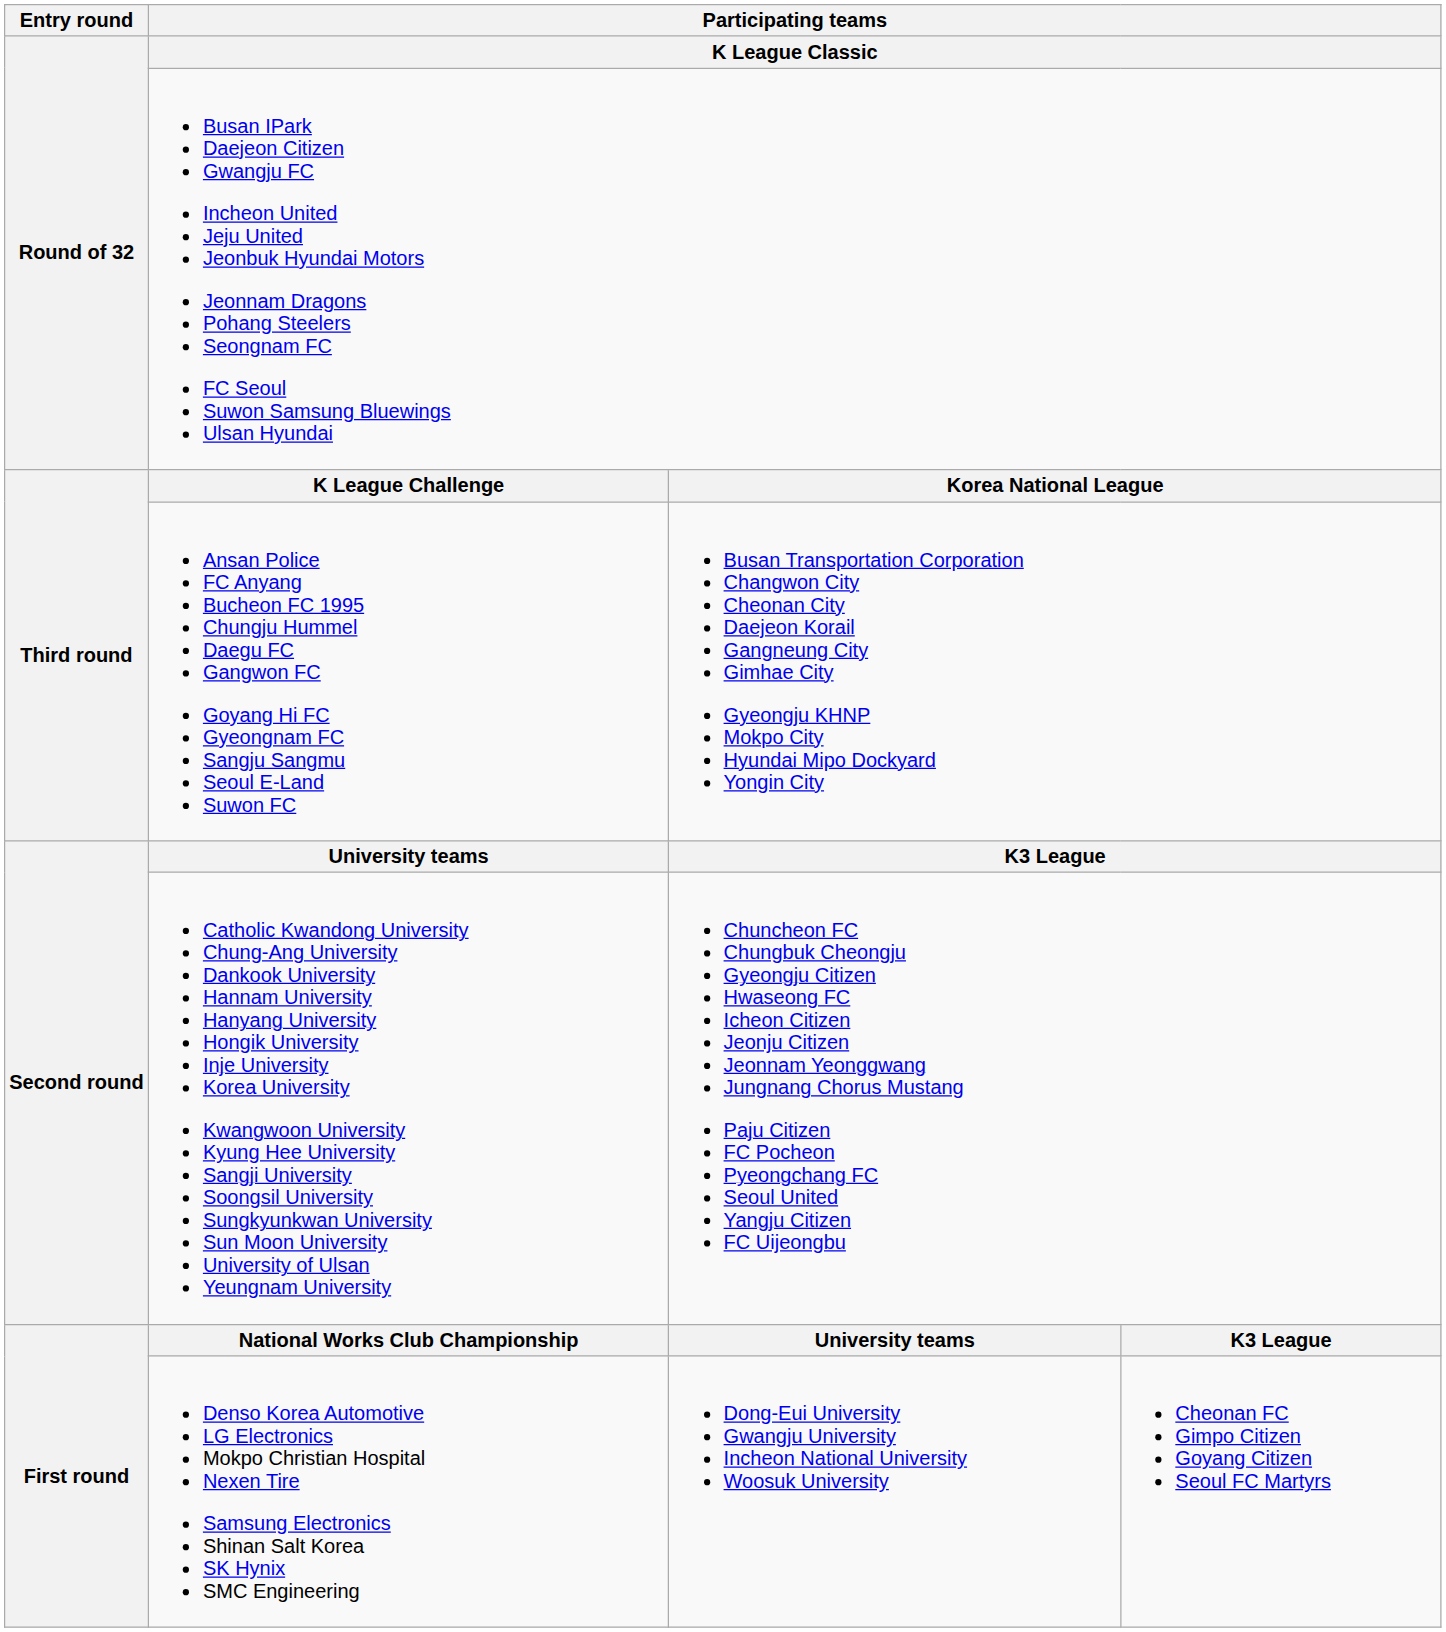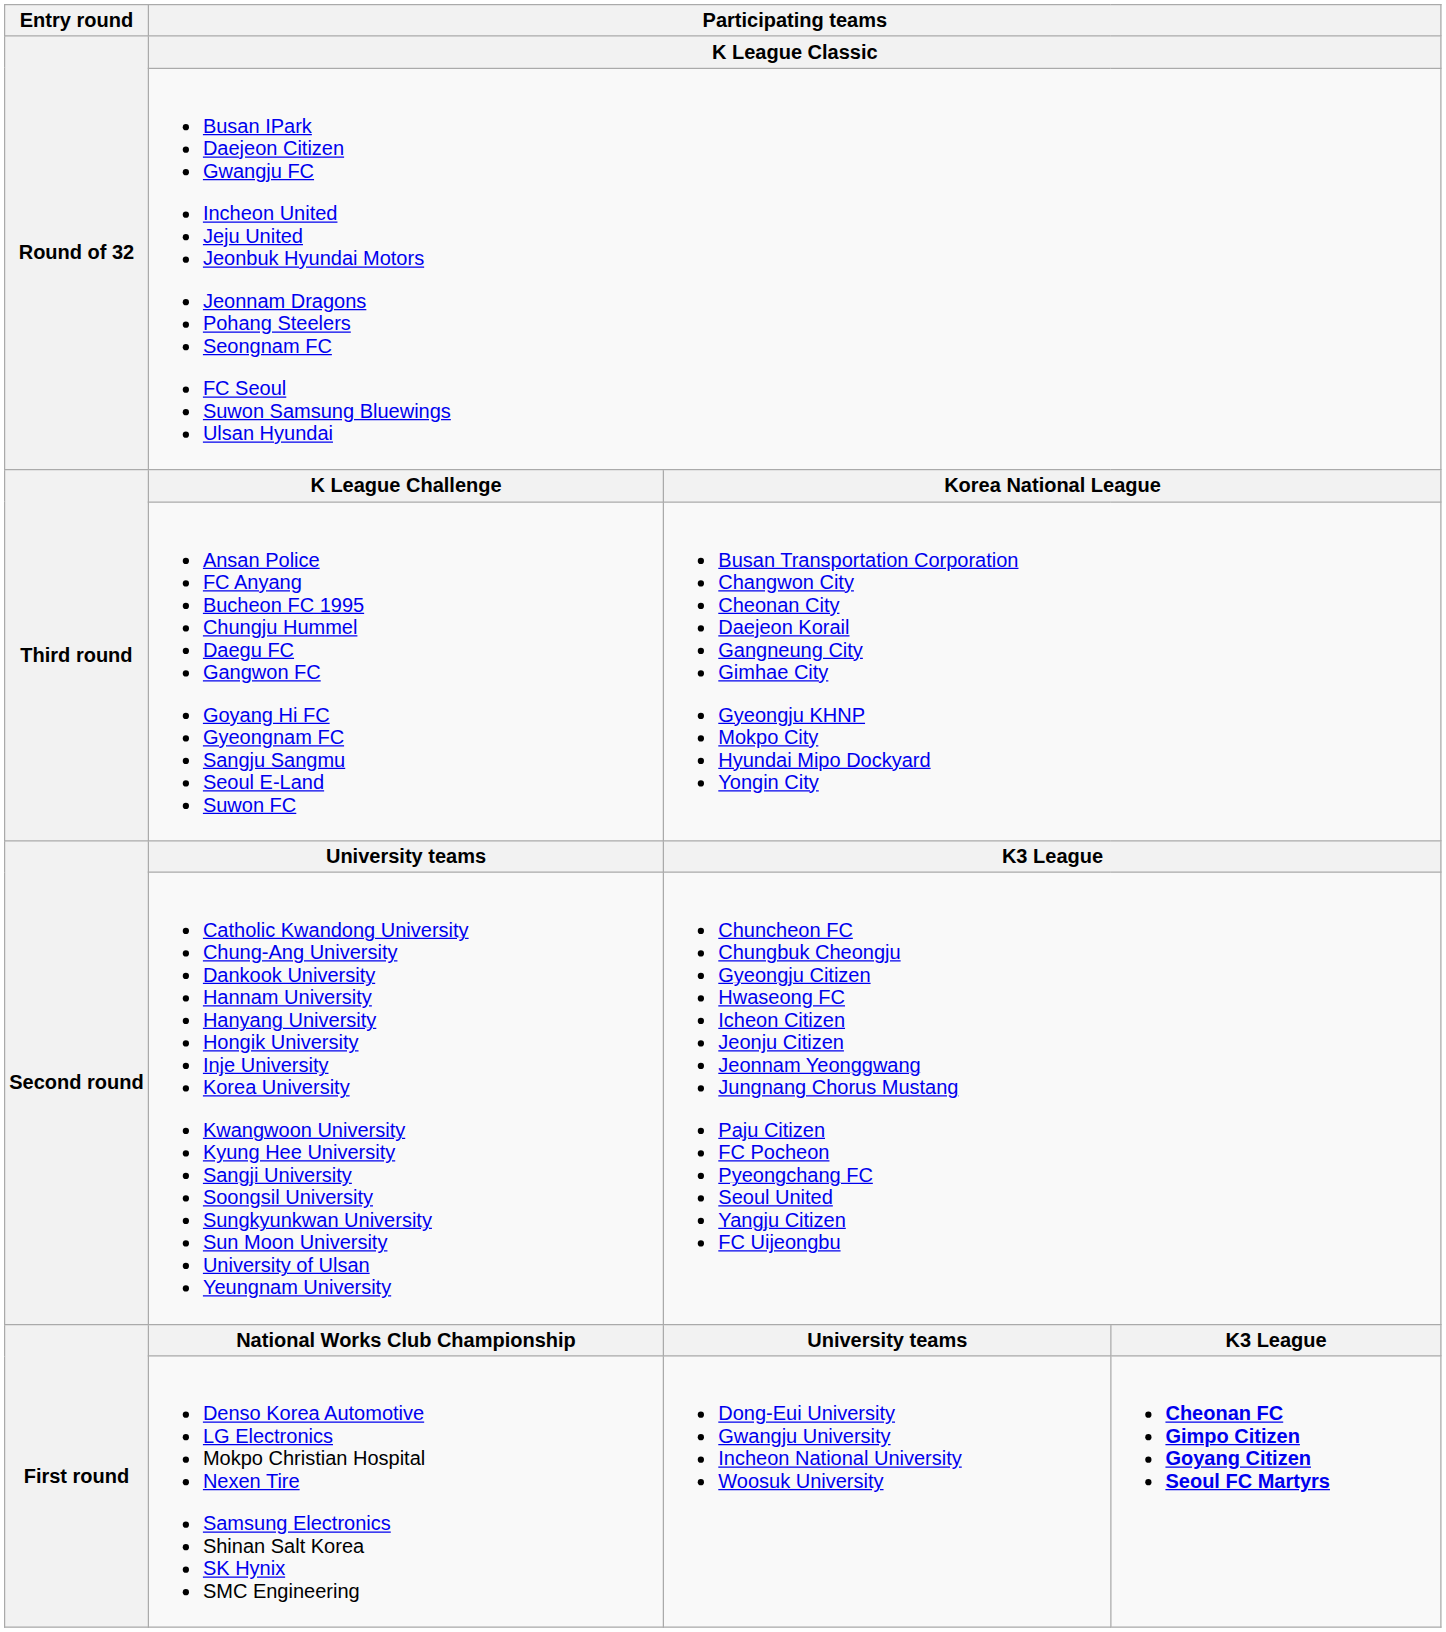 <table class="wikitable">
 <tr>
 <th width="10%">Entry round</th>
 <th width="90%" colspan=3>Participating teams</th>
 </tr>
 <tr>
 <th rowspan=2>Round of 32</th>
 <th colspan=3>K League Classic<br></th>
 </tr>
 <tr style="vertical-align:top">
 <td colspan=3><br> <ul><li><a href='#'>Busan IPark</a></li><li><a href='#'>Daejeon Citizen</a></li><li><a href='#'>Gwangju FC</a></li></ul><ul><li><a href='#'>Incheon United</a></li><li><a href='#'>Jeju United</a></li><li><a href='#'>Jeonbuk Hyundai Motors</a></li></ul><ul><li><a href='#'>Jeonnam Dragons</a></li><li><a href='#'>Pohang Steelers</a></li><li><a href='#'>Seongnam FC</a></li></ul><ul><li><a href='#'>FC Seoul</a></li><li><a href='#'>Suwon Samsung Bluewings</a></li><li><a href='#'>Ulsan Hyundai</a></li></ul></td>
 </tr>
 <tr>
 <th rowspan=2>Third round</th>
 <th>K League Challenge<br></th>
 <th colspan=2>Korea National League<br></th>
 </tr>
 <tr style="vertical-align:top">
 <td><br> <ul><li><a href='#'>Ansan Police</a></li><li><a href='#'>FC Anyang</a></li><li><a href='#'>Bucheon FC 1995</a></li><li><a href='#'>Chungju Hummel</a></li><li><a href='#'>Daegu FC</a></li><li><a href='#'>Gangwon FC</a></li></ul><ul><li><a href='#'>Goyang Hi FC</a></li><li><a href='#'>Gyeongnam FC</a></li><li><a href='#'>Sangju Sangmu</a></li><li><a href='#'>Seoul E-Land</a></li><li><a href='#'>Suwon FC</a></li></ul></td>
 <td colspan=2><br> <ul><li><a href='#'>Busan Transportation Corporation</a></li><li><a href='#'>Changwon City</a></li><li><a href='#'>Cheonan City</a></li><li><a href='#'>Daejeon Korail</a></li><li><a href='#'>Gangneung City</a></li><li><a href='#'>Gimhae City</a></li></ul><ul><li><a href='#'>Gyeongju KHNP</a></li><li><a href='#'>Mokpo City</a></li><li><a href='#'>Hyundai Mipo Dockyard</a></li><li><a href='#'>Yongin City</a></li></ul></td>
 </tr>
 <tr>
 <th rowspan=2>Second round</th>
 <th>University teams<br></th>
 <th colspan=2>K3 League<br></th>
 </tr>
 <tr style="vertical-align:top">
 <td><br> <ul><li><a href='#'>Catholic Kwandong University</a></li><li><a href='#'>Chung-Ang University</a></li><li><a href='#'>Dankook University</a></li><li><a href='#'>Hannam University</a></li><li><a href='#'>Hanyang University</a></li><li><a href='#'>Hongik University</a></li><li><a href='#'>Inje University</a></li><li><a href='#'>Korea University</a></li></ul><ul><li><a href='#'>Kwangwoon University</a></li><li><a href='#'>Kyung Hee University</a></li><li><a href='#'>Sangji University</a></li><li><a href='#'>Soongsil University</a></li><li><a href='#'>Sungkyunkwan University</a></li><li><a href='#'>Sun Moon University</a></li><li><a href='#'>University of Ulsan</a></li><li><a href='#'>Yeungnam University</a></li></ul></td>
 <td colspan=2><br> <ul><li><a href='#'>Chuncheon FC</a></li><li><a href='#'>Chungbuk Cheongju</a></li><li><a href='#'>Gyeongju Citizen</a></li><li><a href='#'>Hwaseong FC</a></li><li><a href='#'>Icheon Citizen</a></li><li><a href='#'>Jeonju Citizen</a></li><li><a href='#'>Jeonnam Yeonggwang</a></li><li><a href='#'>Jungnang Chorus Mustang</a></li></ul><ul><li><a href='#'>Paju Citizen</a></li><li><a href='#'>FC Pocheon</a></li><li><a href='#'>Pyeongchang FC</a></li><li><a href='#'>Seoul United</a></li><li><a href='#'>Yangju Citizen</a></li><li><a href='#'>FC Uijeongbu</a></li></ul></td>
 </tr>
 <tr>
 <th rowspan=2>First round</th>
 <th>National Works Club Championship<br></th>
 <th>University teams<br></th>
 <th>K3 League<br></th>
 </tr>
 <tr style="vertical-align:top">
 <td><br> <ul><li><a href='#'>Denso Korea Automotive</a></li><li><a href='#'>LG Electronics</a></li><li>Mokpo Christian Hospital</li><li><a href='#'>Nexen Tire</a></li></ul><ul><li><a href='#'>Samsung Electronics</a></li><li>Shinan Salt Korea</li><li><a href='#'>SK Hynix</a></li><li>SMC Engineering</li></ul></td>
 <td><br><ul><li><a href='#'>Dong-Eui University</a></li><li><a href='#'>Gwangju University</a></li><li><a href='#'>Incheon National University</a></li><li><a href='#'>Woosuk University</a></li></ul></td>
-<td><br><ul><li><a href='#'>Cheonan FC</a></li><li><a href='#'>Gimpo Citizen</a></li><li><a href='#'>Goyang Citizen</a></li><li><a href='#'>Seoul FC Martyrs</a></li></ul></td>
+<td><strong><br><ul><li><a href='#'>Cheonan FC</a></li><li><a href='#'>Gimpo Citizen</a></li><li><a href='#'>Goyang Citizen</a></li><li><a href='#'>Seoul FC Martyrs</a></li></ul></strong></td>
 </tr>
 </table>
